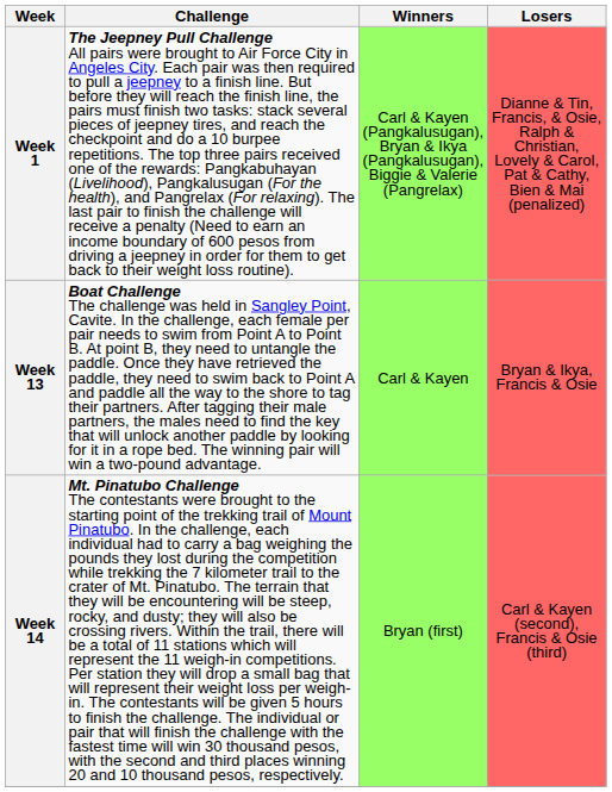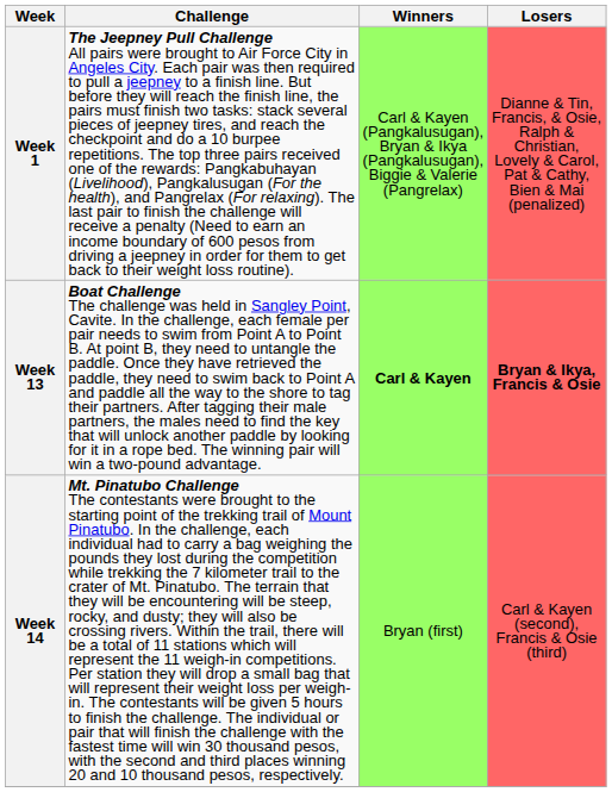 <table class="wikitable" style="text-align:center; line-height:15px; font-size:100%; width:100%;">
 <tr>
 <th scope="col" width="10%">Week</th>
 <th scope="col" width="50%">Challenge</th>
 <th scope="col" width="20%">Winners</th>
 <th scope="col" width="20%">Losers</th>
 </tr>
 <tr>
 <th>Week 1</th>
 <td valign="top" style="text-align:left;"><strong><em>The Jeepney Pull Challenge</em></strong><br>All pairs were brought to Air Force City in <a href='#'>Angeles City</a>. Each pair was then required to pull a <a href='#'>jeepney</a> to a finish line. But before they will reach the finish line, the pairs must finish two tasks: stack several pieces of jeepney tires, and reach the checkpoint and do a 10 burpee repetitions. The top three pairs received one of the rewards: Pangkabuhayan (<em>Livelihood</em>), Pangkalusugan (<em>For the health</em>), and Pangrelax (<em>For relaxing</em>). The last pair to finish the challenge will receive a penalty (Need to earn an income boundary of 600 pesos from driving a jeepney in order for them to get back to their weight loss routine).</td>
 <td style="background:#99FF66;">Carl & Kayen (Pangkalusugan),<br>Bryan & Ikya (Pangkalusugan),<br> Biggie & Valerie (Pangrelax)</td>
 <td style="background:#FF6666;">Dianne & Tin, Francis, & Osie, Ralph & Christian, Lovely & Carol, Pat & Cathy, Bien & Mai (penalized)</td>
 </tr>
 <tr>
 <th>Week 13</th>
 <td valign="top" style="text-align:left;"><strong><em>Boat Challenge</em></strong><br>The challenge was held in <a href='#'>Sangley Point</a>, Cavite. In the challenge, each female per pair needs to swim from Point A to Point B. At point B, they need to untangle the paddle. Once they have retrieved the paddle, they need to swim back to Point A and paddle all the way to the shore to tag their partners. After tagging their male partners, the males need to find the key that will unlock another paddle by looking for it in a rope bed. The winning pair will win a two-pound advantage.</td>
-<td style="background:#99FF66;">Carl & Kayen</td>
-<td style="background:#FF6666;">Bryan & Ikya, Francis & Osie</td>
+<td style="background:#99FF66;"><strong>Carl & Kayen</strong></td>
+<td style="background:#FF6666;"><strong>Bryan & Ikya, Francis & Osie</strong></td>
 </tr>
 <tr>
 <th>Week 14</th>
 <td valign="top" style="text-align:left;"><strong><em>Mt. Pinatubo Challenge</em></strong><br>The contestants were brought to the starting point of the trekking trail of <a href='#'>Mount Pinatubo</a>. In the challenge, each individual had to carry a bag weighing the pounds they lost during the competition while trekking the 7 kilometer trail to the crater of Mt. Pinatubo. The terrain that they will be encountering will be steep, rocky, and dusty; they will also be crossing rivers. Within the trail, there will be a total of 11 stations which will represent the 11 weigh-in competitions. Per station they will drop a small bag that will represent their weight loss per weigh-in. The contestants will be given 5 hours to finish the challenge. The individual or pair that will finish the challenge with the fastest time will win 30 thousand pesos, with the second and third places winning 20 and 10 thousand pesos, respectively.</td>
 <td style="background:#99FF66;">Bryan (first)</td>
 <td style="background:#FF6666;">Carl & Kayen (second), Francis & Osie (third)</td>
 </tr>
 <tr>
 </tr>
 </table>
